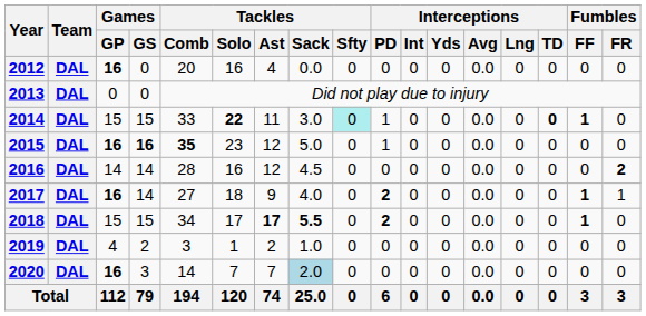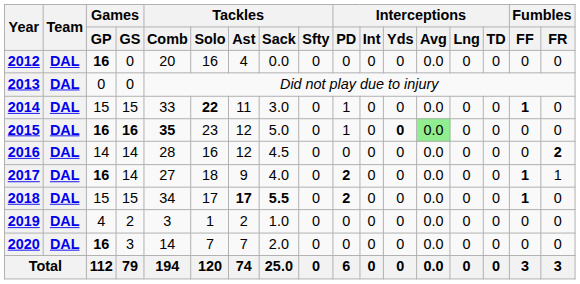 <table class= "wikitable" float="left" border="1" style="text-align:center; width:45%;">
 <tr>
 <th rowspan="2">Year</th>
 <th rowspan="2">Team</th>
 <th colspan="2">Games</th>
 <th colspan="5">Tackles</th>
 <th colspan="6">Interceptions</th>
 <th colspan="2">Fumbles</th>
 </tr>
 <tr>
 <th>GP</th>
 <th>GS</th>
 <th>Comb</th>
 <th>Solo</th>
 <th>Ast</th>
 <th>Sack</th>
 <th>Sfty</th>
 <th>PD</th>
 <th>Int</th>
 <th>Yds</th>
 <th>Avg</th>
 <th>Lng</th>
 <th>TD</th>
 <th>FF</th>
 <th>FR</th>
 </tr>
 <tr>
 <th><a href='#'>2012</a></th>
 <th><a href='#'>DAL</a></th>
 <td><strong>16</strong></td>
 <td>0</td>
 <td>20</td>
 <td>16</td>
 <td>4</td>
 <td>0.0</td>
 <td>0</td>
 <td>0</td>
 <td>0</td>
 <td>0</td>
 <td>0.0</td>
 <td>0</td>
 <td>0</td>
 <td>0</td>
 <td>0</td>
 </tr>
 <tr>
 <th><a href='#'>2013</a></th>
 <th><a href='#'>DAL</a></th>
 <td>0</td>
 <td>0</td>
 <td colspan="13"><em>Did not play due to injury</em></td>
 </tr>
 <tr>
 <th><a href='#'>2014</a></th>
 <th><a href='#'>DAL</a></th>
 <td>15</td>
 <td>15</td>
 <td>33</td>
 <td><strong>22</strong></td>
 <td>11</td>
 <td>3.0</td>
-<td style="background: paleturquoise;">0</td>
+<td>0</td>
 <td>1</td>
 <td>0</td>
 <td>0</td>
 <td>0.0</td>
 <td>0</td>
-<td><strong>0</strong></td>
+<td>0</td>
 <td><strong>1</strong></td>
 <td>0</td>
 </tr>
 <tr>
 <th><a href='#'>2015</a></th>
 <th><a href='#'>DAL</a></th>
 <td><strong>16</strong></td>
 <td><strong>16</strong></td>
 <td><strong>35</strong></td>
 <td>23</td>
 <td>12</td>
 <td>5.0</td>
 <td>0</td>
 <td>1</td>
 <td>0</td>
-<td>0</td>
-<td>0.0</td>
+<td><strong>0</strong></td>
+<td style="background: lightgreen;">0.0</td>
 <td>0</td>
 <td>0</td>
 <td>0</td>
 <td>0</td>
 </tr>
 <tr>
 <th><a href='#'>2016</a></th>
 <th><a href='#'>DAL</a></th>
 <td>14</td>
 <td>14</td>
 <td>28</td>
 <td>16</td>
 <td>12</td>
 <td>4.5</td>
 <td>0</td>
 <td>0</td>
 <td>0</td>
 <td>0</td>
 <td>0.0</td>
 <td>0</td>
 <td>0</td>
 <td>0</td>
 <td><strong>2</strong></td>
 </tr>
 <tr>
 <th><a href='#'>2017</a></th>
 <th><a href='#'>DAL</a></th>
 <td><strong>16</strong></td>
 <td>14</td>
 <td>27</td>
 <td>18</td>
 <td>9</td>
 <td>4.0</td>
 <td>0</td>
 <td><strong>2</strong></td>
 <td>0</td>
 <td>0</td>
 <td>0.0</td>
 <td>0</td>
 <td>0</td>
 <td><strong>1</strong></td>
 <td>1</td>
 </tr>
 <tr>
 <th><a href='#'>2018</a></th>
 <th><a href='#'>DAL</a></th>
 <td>15</td>
 <td>15</td>
 <td>34</td>
 <td>17</td>
 <td><strong>17</strong></td>
 <td><strong>5.5</strong></td>
 <td>0</td>
 <td><strong>2</strong></td>
 <td>0</td>
 <td>0</td>
 <td>0.0</td>
 <td>0</td>
 <td>0</td>
 <td><strong>1</strong></td>
 <td>0</td>
 </tr>
 <tr>
 <th><a href='#'>2019</a></th>
 <th><a href='#'>DAL</a></th>
 <td>4</td>
 <td>2</td>
 <td>3</td>
 <td>1</td>
 <td>2</td>
 <td>1.0</td>
 <td>0</td>
 <td>0</td>
 <td>0</td>
 <td>0</td>
 <td>0.0</td>
 <td>0</td>
 <td>0</td>
 <td>0</td>
 <td>0</td>
 </tr>
 <tr>
 <th><a href='#'>2020</a></th>
 <th><a href='#'>DAL</a></th>
 <td><strong>16</strong></td>
 <td>3</td>
 <td>14</td>
 <td>7</td>
 <td>7</td>
-<td style="background: lightblue;">2.0</td>
+<td>2.0</td>
 <td>0</td>
 <td>0</td>
 <td>0</td>
 <td>0</td>
 <td>0.0</td>
 <td>0</td>
 <td>0</td>
 <td>0</td>
 <td>0</td>
 </tr>
 <tr>
 <th colspan="2">Total</th>
 <th>112</th>
 <th>79</th>
 <th>194</th>
 <th>120</th>
 <th>74</th>
 <th>25.0</th>
 <th>0</th>
 <th>6</th>
 <th>0</th>
 <th>0</th>
 <th>0.0</th>
 <th>0</th>
 <th>0</th>
 <th>3</th>
 <th>3</th>
 </tr>
 </table>
